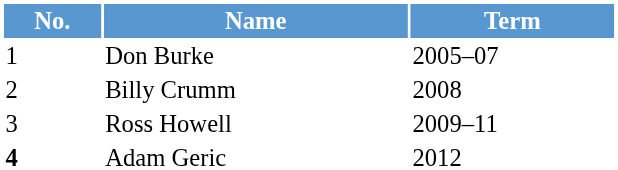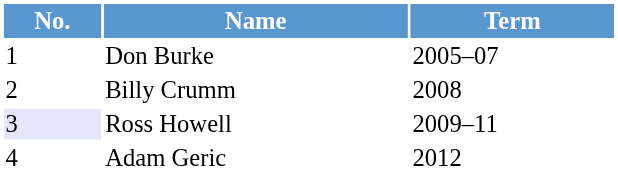 <table class="toccolours" style="width:25em">
 <tr>
 <th style="background:#5997d0;color:white;border:#5997d0 1px solid">No.</th>
 <th style="background:#5997d0;color:white;border:#5997d0 1px solid">Name</th>
 <th style="background:#5997d0;color:white;border:#5997d0 1px solid">Term</th>
 </tr>
 <tr>
 <td>1</td>
 <td> Don Burke</td>
 <td>2005–07</td>
 </tr>
 <tr>
 <td>2</td>
 <td> Billy Crumm</td>
 <td>2008</td>
 </tr>
 <tr>
-<td>3</td>
+<td style="background: lavender;">3</td>
 <td> Ross Howell</td>
 <td>2009–11</td>
 </tr>
 <tr>
-<td><strong>4</strong></td>
+<td>4</td>
 <td> Adam Geric</td>
 <td>2012</td>
 </tr>
 <tr>
 </tr>
 </table>
